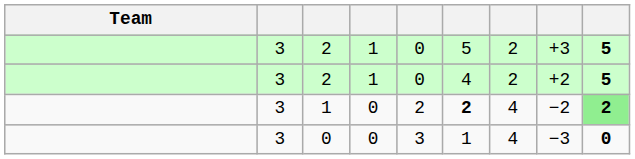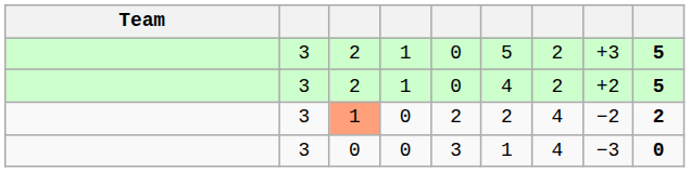 <table class="wikitable" style="text-align: center; font-size:90% ">
 <tr>
 <th width=160>Team</th>
 <th width=25></th>
 <th width=25></th>
 <th width=25></th>
 <th width=25></th>
 <th width=25></th>
 <th width=25></th>
 <th width=25></th>
 <th width=25></th>
 </tr>
 <tr bgcolor=ccffcc>
 <td align=left></td>
 <td>3</td>
 <td>2</td>
 <td>1</td>
 <td>0</td>
 <td>5</td>
 <td>2</td>
 <td>+3</td>
 <td><strong>5</strong></td>
 </tr>
 <tr bgcolor=ccffcc>
 <td align=left></td>
 <td>3</td>
 <td>2</td>
 <td>1</td>
 <td>0</td>
 <td>4</td>
 <td>2</td>
 <td>+2</td>
 <td><strong>5</strong></td>
 </tr>
 <tr>
 <td align=left></td>
 <td>3</td>
-<td>1</td>
+<td style="background: lightsalmon;">1</td>
 <td>0</td>
 <td>2</td>
-<td><strong>2</strong></td>
+<td>2</td>
 <td>4</td>
 <td>−2</td>
-<td style="background: lightgreen;"><strong>2</strong></td>
+<td><strong>2</strong></td>
 </tr>
 <tr>
 <td align=left></td>
 <td>3</td>
 <td>0</td>
 <td>0</td>
 <td>3</td>
 <td>1</td>
 <td>4</td>
 <td>−3</td>
 <td><strong>0</strong></td>
 </tr>
 </table>
